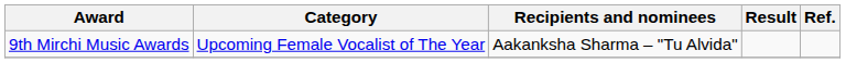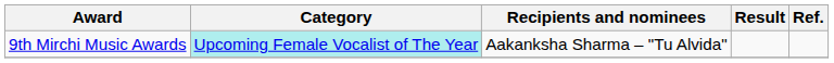 <table class="wikitable sortable">
 <tr>
 <th>Award</th>
 <th>Category</th>
 <th>Recipients and nominees</th>
 <th>Result</th>
 <th>Ref.</th>
 </tr>
 <tr>
 <td><a href='#'>9th Mirchi Music Awards</a></td>
-<td><a href='#'>Upcoming Female Vocalist of The Year</a></td>
+<td style="background: paleturquoise;"><a href='#'>Upcoming Female Vocalist of The Year</a></td>
 <td>Aakanksha Sharma – "Tu Alvida"</td>
 <td></td>
 <td></td>
 </tr>
 <tr>
 </tr>
 </table>
